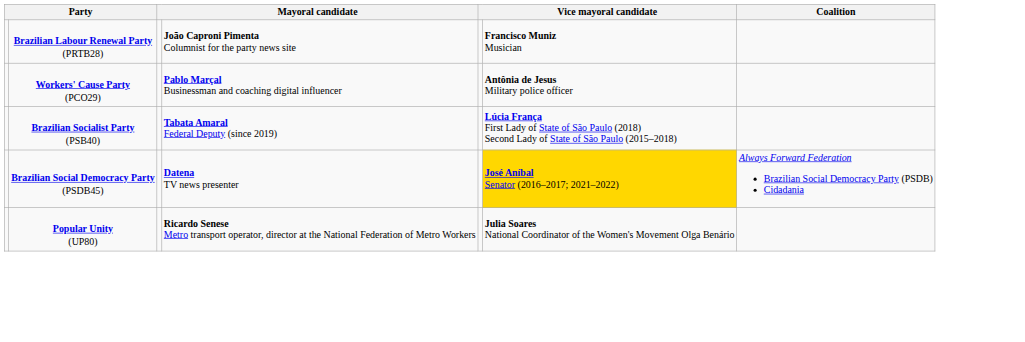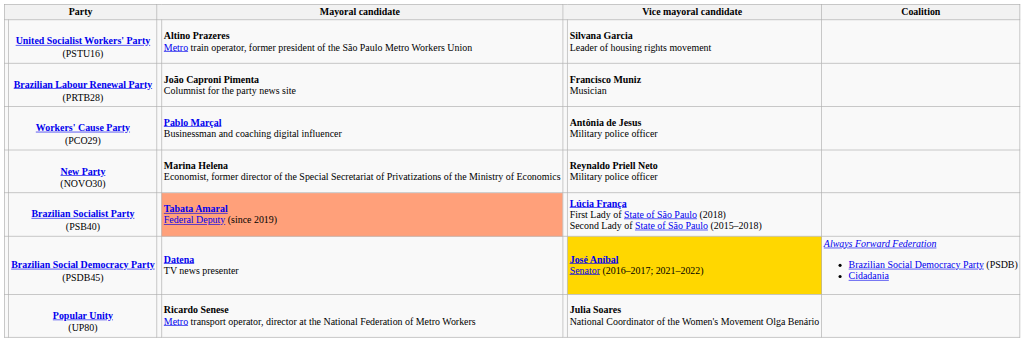 <table class="vertical-align-top wikitable">
 <tr>
 <th scope=colgroup colspan=2>Party</th>
 <th scope=colgroup colspan=2>Mayoral candidate</th>
 <th scope=colgroup colspan=2>Vice mayoral candidate</th>
 <th scope=col>Coalition</th>
+</tr>
+<tr>
+<td style="background:"></td>
+<td style="text-align:center; line-height:1.3"><br><strong><a href='#'>United Socialist Workers' Party</a></strong><br>(PSTU16)</td>
+<td></td>
+<td><strong>Altino Prazeres</strong><br><a href='#'>Metro</a> train operator, former president of the São Paulo Metro Workers Union</td>
+<td></td>
+<td><strong>Silvana Garcia</strong><br>Leader of housing rights movement</td>
+<td></td>
 </tr>
 <tr>
 <td style="background:"></td>
 <td style="text-align:center; line-height:1.3"><br><strong><a href='#'>Brazilian Labour Renewal Party</a></strong><br>(PRTB28)</td>
 <td></td>
 <td><strong>João Caproni Pimenta</strong><br>Columnist for the party news site</td>
 <td></td>
 <td><strong>Francisco Muniz</strong><br>Musician</td>
 <td></td>
 </tr>
 <tr>
 <td style="background:"></td>
 <td style="text-align:center; line-height:1.3"><br><strong><a href='#'>Workers' Cause Party</a></strong><br>(PCO29)</td>
 <td></td>
 <td><strong><a href='#'>Pablo Marçal</a></strong><br>Businessman and coaching digital influencer</td>
 <td></td>
 <td><strong>Antônia de Jesus</strong><br>Military police officer</td>
 <td></td>
 </tr>
 <tr>
+<td style="background:"></td>
+<td style="text-align:center; line-height:1.3"><br><strong><a href='#'>New Party</a></strong><br>(NOVO30)</td>
+<td></td>
+<td><strong>Marina Helena</strong><br>Economist, former director of the Special Secretariat of Privatizations of the Ministry of Economics</td>
+<td></td>
+<td><strong>Reynaldo Priell Neto</strong><br>Military police officer</td>
+<td></td>
+</tr>
+<tr>
 <td style=background:></td>
 <td style="text-align:center; line-height:1.3"><br><strong><a href='#'>Brazilian Socialist Party</a></strong><br>(PSB40)</td>
 <td></td>
-<td><strong><a href='#'>Tabata Amaral</a></strong><br><a href='#'>Federal Deputy</a> (since 2019)</td>
+<td style="background: lightsalmon;"><strong><a href='#'>Tabata Amaral</a></strong><br><a href='#'>Federal Deputy</a> (since 2019)</td>
 <td></td>
 <td><strong><a href='#'>Lúcia França</a></strong><br>First Lady of <a href='#'>State of São Paulo</a> (2018)<br>Second Lady of <a href='#'>State of São Paulo</a> (2015–2018)<br></td>
 <td></td>
 </tr>
 <tr>
 <td style="background:"></td>
 <td style="text-align:center; line-height:1.3"><br><strong><a href='#'>Brazilian Social Democracy Party</a></strong><br>(PSDB45)</td>
 <td></td>
 <td><strong><a href='#'>Datena</a></strong><br>TV news presenter</td>
 <td></td>
 <td style="background: gold;"><strong><a href='#'>José Aníbal</a></strong><br><a href='#'>Senator</a> (2016–2017; 2021–2022)</td>
 <td><a href='#'><em>Always Forward Federation</em></a><br><ul><li><a href='#'>Brazilian Social Democracy Party</a> (PSDB)</li><li><a href='#'>Cidadania</a></li></ul></td>
 </tr>
 <tr>
 <td style="background:"></td>
 <td style="text-align:center; line-height:1.3"><br><strong><a href='#'>Popular Unity</a></strong><br>(UP80)</td>
 <td></td>
 <td><strong>Ricardo Senese</strong><br><a href='#'>Metro</a> transport operator, director at the National Federation of Metro Workers</td>
 <td></td>
 <td><strong>Julia Soares</strong><br>National Coordinator of the Women's Movement Olga Benário</td>
 <td></td>
 </tr>
 </table>
